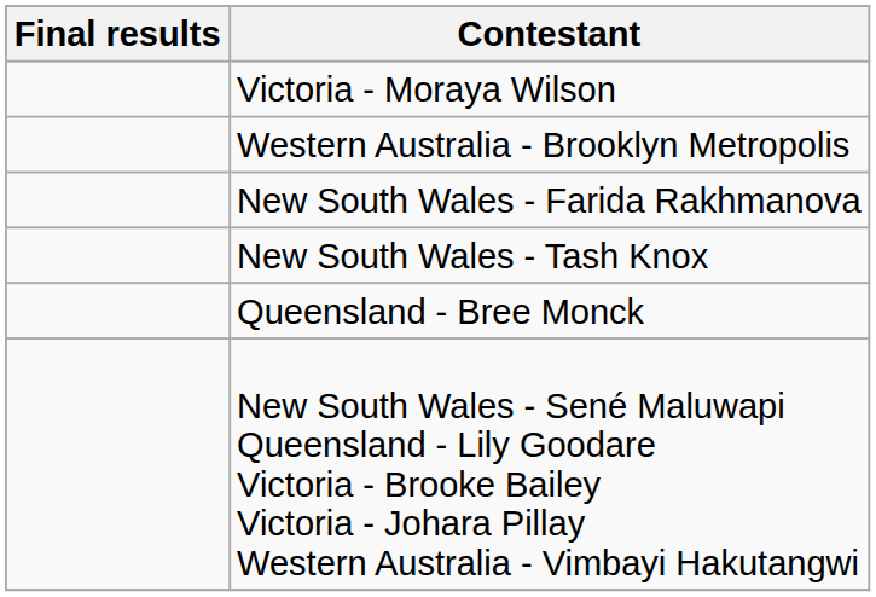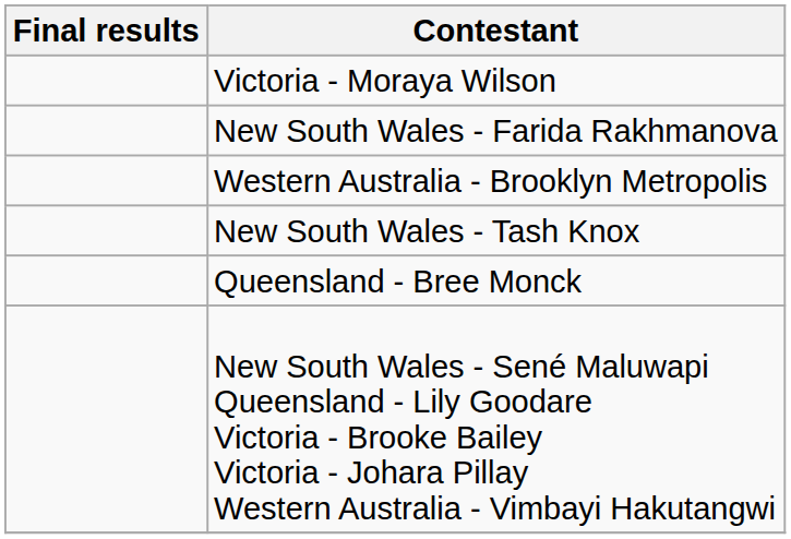 <table class="wikitable sortable" style="font-size: 95%;">
 <tr>
 <th>Final results</th>
 <th>Contestant</th>
 </tr>
 <tr>
 <td></td>
 <td>Victoria - Moraya Wilson</td>
 </tr>
 <tr>
 <td></td>
-<td>Western Australia - Brooklyn Metropolis</td>
+<td>New South Wales - Farida Rakhmanova</td>
 </tr>
 <tr>
 <td></td>
-<td>New South Wales - Farida Rakhmanova</td>
+<td>Western Australia - Brooklyn Metropolis</td>
 </tr>
 <tr>
 <td></td>
 <td>New South Wales - Tash Knox</td>
 </tr>
 <tr>
 <td></td>
 <td>Queensland - Bree Monck</td>
 </tr>
 <tr>
 <td></td>
 <td><br>New South Wales - Sené Maluwapi<br> Queensland - Lily Goodare<br> Victoria - Brooke Bailey<br> Victoria - Johara Pillay<br> Western Australia - Vimbayi Hakutangwi</td>
 </tr>
 <tr>
 </tr>
 </table>
